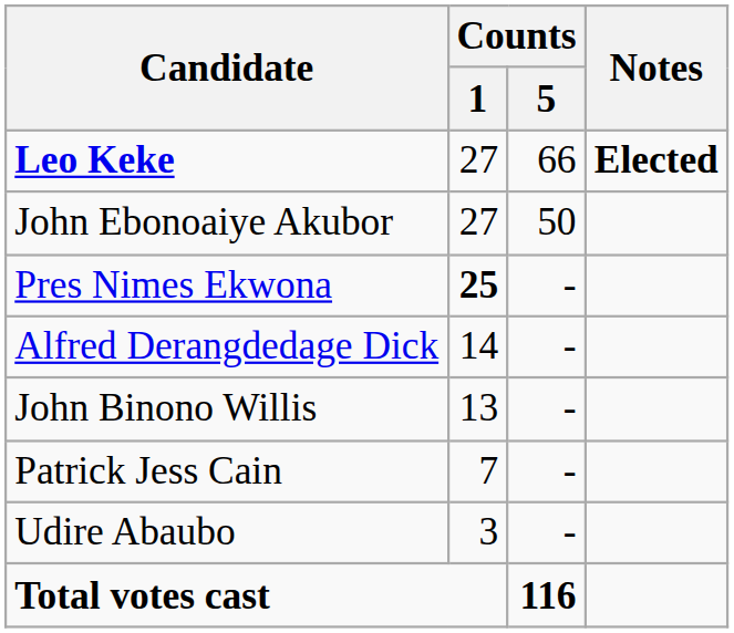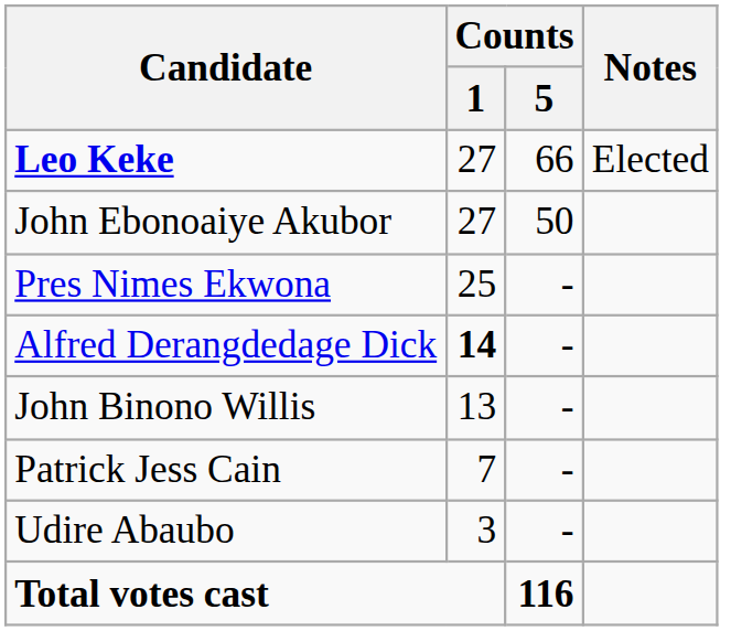 <table class=wikitable style=text-align:right>
 <tr>
 <th rowspan=2>Candidate</th>
 <th colspan=2>Counts</th>
 <th rowspan=2>Notes</th>
 </tr>
 <tr>
 <th>1</th>
 <th>5</th>
 </tr>
 <tr>
 <td align=left><strong><a href='#'>Leo Keke</a></strong></td>
 <td>27</td>
 <td>66</td>
-<td align=left><strong>Elected</strong></td>
+<td align=left>Elected</td>
 </tr>
 <tr>
 <td align=left>John Ebonoaiye Akubor</td>
 <td>27</td>
 <td>50</td>
 <td align=left></td>
 </tr>
 <tr>
 <td align=left><a href='#'>Pres Nimes Ekwona</a></td>
-<td><strong>25</strong></td>
+<td>25</td>
 <td>-</td>
 <td align=left></td>
 </tr>
 <tr>
 <td align=left><a href='#'>Alfred Derangdedage Dick</a></td>
-<td>14</td>
+<td><strong>14</strong></td>
 <td>-</td>
 <td align=left></td>
 </tr>
 <tr>
 <td align=left>John Binono Willis</td>
 <td>13</td>
 <td>-</td>
 <td align=left></td>
 </tr>
 <tr>
 <td align=left>Patrick Jess Cain</td>
 <td>7</td>
 <td>-</td>
 <td align=left></td>
 </tr>
 <tr>
 <td align=left>Udire Abaubo</td>
 <td>3</td>
 <td>-</td>
 <td align=left></td>
 </tr>
 <tr>
 <td align=left colspan=2><strong>Total votes cast</strong></td>
 <td><strong>116</strong></td>
 </tr>
 </table>
